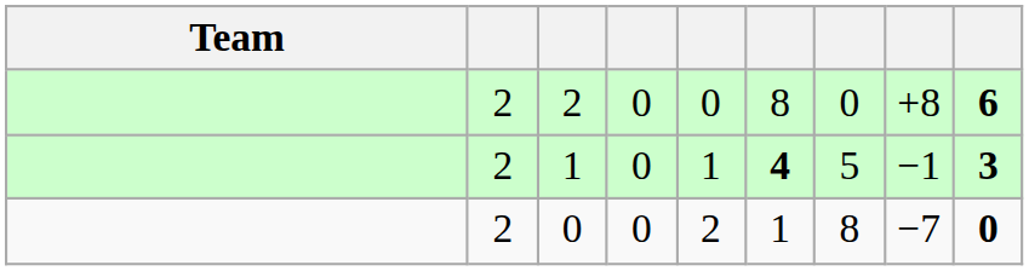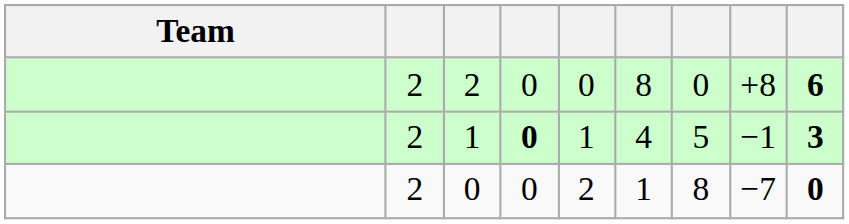 <table class="wikitable" style="text-align:center;">
 <tr>
 <th width=175>Team</th>
 <th width=20></th>
 <th width=20></th>
 <th width=20></th>
 <th width=20></th>
 <th width=20></th>
 <th width=20></th>
 <th width=20></th>
 <th width=20></th>
 </tr>
 <tr style="background:#ccffcc;">
 <td align=left></td>
 <td>2</td>
 <td>2</td>
 <td>0</td>
 <td>0</td>
 <td>8</td>
 <td>0</td>
 <td>+8</td>
 <td><strong>6</strong></td>
 </tr>
 <tr style="background:#ccffcc;">
 <td align=left></td>
 <td>2</td>
 <td>1</td>
-<td>0</td>
+<td><strong>0</strong></td>
 <td>1</td>
-<td><strong>4</strong></td>
+<td>4</td>
 <td>5</td>
 <td>−1</td>
 <td><strong>3</strong></td>
 </tr>
 <tr>
 <td align=left></td>
 <td>2</td>
 <td>0</td>
 <td>0</td>
 <td>2</td>
 <td>1</td>
 <td>8</td>
 <td>−7</td>
 <td><strong>0</strong></td>
 </tr>
 </table>
